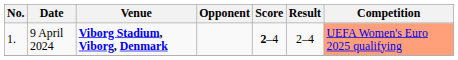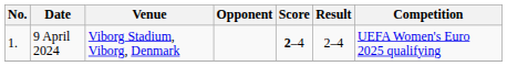 <table class="wikitable">
 <tr>
 <th>No.</th>
 <th>Date</th>
 <th>Venue</th>
 <th>Opponent</th>
 <th>Score</th>
 <th>Result</th>
 <th>Competition</th>
 </tr>
 <tr>
 <td>1.</td>
 <td>9 April 2024</td>
-<td><strong><a href='#'>Viborg Stadium</a>, <a href='#'>Viborg</a>, <a href='#'>Denmark</a></strong></td>
+<td><a href='#'>Viborg Stadium</a>, <a href='#'>Viborg</a>, <a href='#'>Denmark</a></td>
 <td></td>
 <td align=center><strong>2</strong>–4</td>
 <td align=center>2–4</td>
-<td style="background: lightsalmon;"><a href='#'>UEFA Women's Euro 2025 qualifying</a></td>
+<td><a href='#'>UEFA Women's Euro 2025 qualifying</a></td>
 </tr>
 <tr>
 </tr>
 </table>
